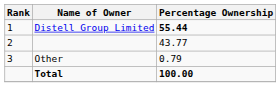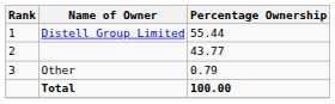 <table class="wikitable sortable" style="margin-left:auto;margin-right:auto">
 <tr>
 <th style="width:2em;">Rank</th>
 <th>Name of Owner</th>
 <th>Percentage Ownership</th>
 </tr>
 <tr>
 <td>1</td>
 <td><a href='#'>Distell Group Limited</a></td>
-<td><strong>55.44</strong></td>
+<td>55.44</td>
 </tr>
 <tr>
 <td>2</td>
 <td></td>
 <td>43.77</td>
 </tr>
 <tr>
 <td>3</td>
 <td>Other</td>
 <td>0.79</td>
 </tr>
 <tr>
 <td></td>
 <td><strong>Total</strong></td>
 <td><strong>100.00</strong></td>
 </tr>
 <tr>
 </tr>
 </table>
